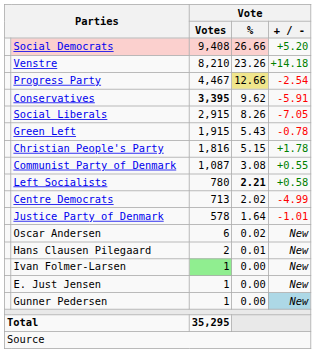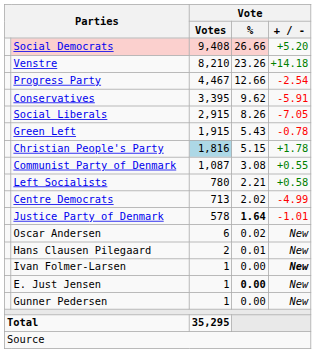 <table class="wikitable" style="text-align:right;">
 <tr>
 <th style="text-align:centre;" rowspan="2" colspan="2" width="225">Parties</th>
 <th colspan="3">Vote</th>
 </tr>
 <tr>
 <th width="15">Votes</th>
 <th width="15">%</th>
 <th width="15">+ / -</th>
 </tr>
 <tr>
 <td width="2" style="color:inherit;background:"></td>
 <td bgcolor=#fbd0ce  align="left"><a href='#'>Social Democrats</a></td>
 <td bgcolor=#fbd0ce>9,408</td>
 <td bgcolor=#fbd0ce>26.66</td>
 <td style=color:green;>+5.20</td>
 </tr>
 <tr>
 <td width="2" style="color:inherit;background:"></td>
 <td align="left"><a href='#'>Venstre</a></td>
 <td>8,210</td>
 <td>23.26</td>
 <td style=color:green;>+14.18</td>
 </tr>
 <tr>
 <td width="2" style="color:inherit;background:"></td>
 <td align="left"><a href='#'>Progress Party</a></td>
 <td>4,467</td>
-<td style="background: khaki;">12.66</td>
+<td>12.66</td>
 <td style=color:red;>-2.54</td>
 </tr>
 <tr>
 <td width="2" style="color:inherit;background:"></td>
 <td align="left"><a href='#'>Conservatives</a></td>
-<td><strong>3,395</strong></td>
+<td>3,395</td>
 <td>9.62</td>
 <td style=color:red;>-5.91</td>
 </tr>
 <tr>
 <td width="2" style="color:inherit;background:"></td>
 <td align="left"><a href='#'>Social Liberals</a></td>
 <td>2,915</td>
 <td>8.26</td>
 <td style=color:red;>-7.05</td>
 </tr>
 <tr>
 <td width="2" style="color:inherit;background:"></td>
 <td align="left"><a href='#'>Green Left</a></td>
 <td>1,915</td>
 <td>5.43</td>
 <td style=color:red;>-0.78</td>
 </tr>
 <tr>
 <td width="2" style="color:inherit;background:"></td>
 <td align="left"><a href='#'>Christian People's Party</a></td>
-<td>1,816</td>
+<td style="background: lightblue;">1,816</td>
 <td>5.15</td>
 <td style=color:green;>+1.78</td>
 </tr>
 <tr>
 <td width="2" style="color:inherit;background:"></td>
 <td align="left"><a href='#'>Communist Party of Denmark</a></td>
 <td>1,087</td>
 <td>3.08</td>
 <td style=color:green;>+0.55</td>
 </tr>
 <tr>
 <td width="2" style="color:inherit;background:"></td>
 <td align="left"><a href='#'>Left Socialists</a></td>
 <td>780</td>
-<td><strong>2.21</strong></td>
+<td>2.21</td>
 <td style=color:green;>+0.58</td>
 </tr>
 <tr>
 <td width="2" style="color:inherit;background:"></td>
 <td align="left"><a href='#'>Centre Democrats</a></td>
 <td>713</td>
 <td>2.02</td>
 <td style=color:red;>-4.99</td>
 </tr>
 <tr>
 <td width="2" style="color:inherit;background:"></td>
 <td align="left"><a href='#'>Justice Party of Denmark</a></td>
 <td>578</td>
-<td>1.64</td>
+<td><strong>1.64</strong></td>
 <td style=color:red;>-1.01</td>
 </tr>
 <tr>
 <td width="2" style="color:inherit;background:"></td>
 <td align="left">Oscar Andersen</td>
 <td>6</td>
 <td>0.02</td>
 <td><em>New</em></td>
 </tr>
 <tr>
 <td width="2" style="color:inherit;background:"></td>
 <td align="left">Hans Clausen Pilegaard</td>
 <td>2</td>
 <td>0.01</td>
 <td><em>New</em></td>
 </tr>
 <tr>
 <td width="2" style="color:inherit;background:"></td>
 <td align="left">Ivan Folmer-Larsen</td>
-<td style="background: lightgreen;">1</td>
+<td>1</td>
 <td>0.00</td>
-<td><em>New</em></td>
+<td><strong><em>New</em></strong></td>
 </tr>
 <tr>
 <td width="2" style="color:inherit;background:"></td>
 <td align="left">E. Just Jensen</td>
 <td>1</td>
-<td>0.00</td>
+<td><strong>0.00</strong></td>
 <td><em>New</em></td>
 </tr>
 <tr>
 <td width="2" style="color:inherit;background:"></td>
 <td align="left">Gunner Pedersen</td>
 <td>1</td>
 <td>0.00</td>
-<td style="background: lightblue;"><em>New</em></td>
+<td><em>New</em></td>
 </tr>
 <tr>
 <td colspan="7" bgcolor="#E9E9E9"></td>
 </tr>
 <tr>
 <td align="left" colspan="2"><strong>Total</strong></td>
 <td><strong>35,295</strong></td>
 <td bgcolor="#E9E9E9" colspan="2"></td>
 </tr>
 <tr>
 <td align="left" colspan="6">Source</td>
 </tr>
 </table>
